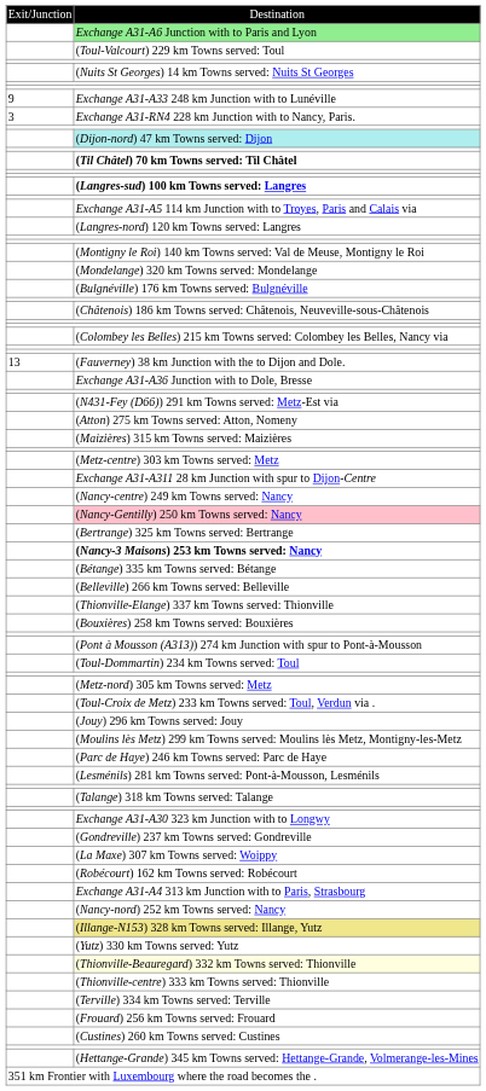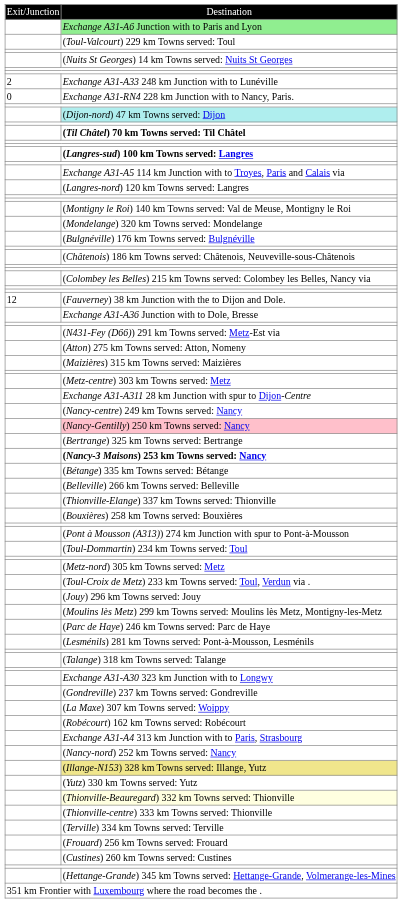 <table border=1 cellpadding=2 style="margin-left:1em; margin-bottom: 1em; color: black; border-collapse: collapse; font-size: 95%;">
 <tr align="center" bgcolor="000000" style="color: white">
 <td>Exit/Junction</td>
 <td>Destination</td>
 </tr>
 <tr>
 <td></td>
 <td style="background: lightgreen;"><em>Exchange A31-A6</em> Junction with <em></em> to Paris and Lyon</td>
 </tr>
 <tr>
 <td></td>
 <td>(<em>Toul-Valcourt</em>) 229 km Towns served: Toul</td>
 </tr>
 <tr>
 <td colspan="2"></td>
 </tr>
 <tr>
 <td></td>
 <td>(<em>Nuits St Georges</em>) 14 km Towns served: <a href='#'>Nuits St Georges</a></td>
 </tr>
 <tr>
 <td colspan="2"></td>
 </tr>
 <tr>
 <td colspan="2"></td>
 </tr>
 <tr>
-<td> 9</td>
+<td> 2</td>
 <td><em>Exchange A31-A33</em> 248 km Junction with <strong><em></em></strong> to Lunéville</td>
 </tr>
 <tr>
-<td> 3</td>
+<td> 0</td>
 <td><em>Exchange A31-RN4</em> 228 km Junction with <strong><em></em></strong> to Nancy, Paris.</td>
 </tr>
 <tr>
 <td colspan="2"></td>
 </tr>
 <tr>
 <td></td>
 <td style="background: paleturquoise;">(<em>Dijon-nord</em>) 47 km Towns served: <a href='#'>Dijon</a></td>
 </tr>
 <tr>
 <td colspan="2"></td>
 </tr>
 <tr>
 <td></td>
 <td><strong>(<em>Til Châtel</em>) 70 km Towns served: Til Châtel</strong></td>
 </tr>
 <tr>
 <td colspan="2"></td>
 </tr>
 <tr>
 <td colspan="2"></td>
 </tr>
 <tr>
 <td></td>
 <td><strong>(<em>Langres-sud</em>) 100 km Towns served: <a href='#'>Langres</a></strong></td>
 </tr>
 <tr>
 <td colspan="2"></td>
 </tr>
 <tr>
 <td></td>
 <td><em>Exchange A31-A5</em> 114 km Junction with <strong><em></em></strong> to <a href='#'>Troyes</a>, <a href='#'>Paris</a> and <a href='#'>Calais</a> via <strong><em></em></strong></td>
 </tr>
 <tr>
 <td></td>
 <td>(<em>Langres-nord</em>) 120 km Towns served: Langres</td>
 </tr>
 <tr>
 <td colspan="2"></td>
 </tr>
 <tr>
 <td colspan="2"></td>
 </tr>
 <tr>
 <td></td>
 <td>(<em>Montigny le Roi</em>) 140 km Towns served: Val de Meuse, Montigny le Roi</td>
 </tr>
 <tr>
 <td></td>
 <td>(<em>Mondelange</em>) 320 km Towns served: Mondelange</td>
 </tr>
 <tr>
 <td></td>
 <td>(<em>Bulgnéville</em>) 176 km Towns served: <a href='#'>Bulgnéville</a></td>
 </tr>
 <tr>
 <td colspan="2"></td>
 </tr>
 <tr>
 <td></td>
 <td>(<em>Châtenois</em>) 186 km Towns served: Châtenois, Neuveville-sous-Châtenois</td>
 </tr>
 <tr>
 <td colspan="2"></td>
 </tr>
 <tr>
 <td colspan="2"></td>
 </tr>
 <tr>
 <td></td>
 <td>(<em>Colombey les Belles</em>) 215 km Towns served: Colombey les Belles, Nancy via <strong><em></em></strong></td>
 </tr>
 <tr>
 <td colspan="2"></td>
 </tr>
 <tr>
 <td colspan="2"></td>
 </tr>
 <tr>
-<td> 13</td>
+<td> 12</td>
 <td>(<em>Fauverney</em>) 38 km Junction with the <strong><em></em></strong> to Dijon and Dole.</td>
 </tr>
 <tr>
 <td></td>
 <td><em>Exchange A31-A36</em> Junction with <em></em> to Dole, Bresse</td>
 </tr>
 <tr>
 <td colspan="2"></td>
 </tr>
 <tr>
 <td></td>
 <td>(<em>N431-Fey (D66)</em>) 291 km Towns served: <a href='#'>Metz</a>-Est via <strong><em></em></strong></td>
 </tr>
 <tr>
 <td></td>
 <td>(<em>Atton</em>) 275 km Towns served: Atton, Nomeny</td>
 </tr>
 <tr>
 <td></td>
 <td>(<em>Maizières</em>) 315 km Towns served: Maizières</td>
 </tr>
 <tr>
 <td colspan="2"></td>
 </tr>
 <tr>
 <td></td>
 <td>(<em>Metz-centre</em>) 303 km Towns served: <a href='#'>Metz</a></td>
 </tr>
 <tr>
 <td></td>
 <td><em>Exchange A31-A311</em> 28 km Junction with <strong><em></em></strong> spur to <a href='#'>Dijon</a>-<em>Centre</em></td>
 </tr>
 <tr>
 <td></td>
 <td>(<em>Nancy-centre</em>) 249 km Towns served: <a href='#'>Nancy</a></td>
 </tr>
 <tr>
 <td></td>
 <td style="background: pink;">(<em>Nancy-Gentilly</em>) 250 km Towns served: <a href='#'>Nancy</a></td>
 </tr>
 <tr>
 <td></td>
 <td>(<em>Bertrange</em>) 325 km Towns served: Bertrange</td>
 </tr>
 <tr>
 <td></td>
 <td><strong>(<em>Nancy-3 Maisons</em>) 253 km Towns served: <a href='#'>Nancy</a></strong></td>
 </tr>
 <tr>
 <td></td>
 <td>(<em>Bétange</em>) 335 km Towns served: Bétange</td>
 </tr>
 <tr>
 <td></td>
 <td>(<em>Belleville</em>) 266 km Towns served: Belleville</td>
 </tr>
 <tr>
 <td></td>
 <td>(<em>Thionville-Elange</em>) 337 km Towns served: Thionville</td>
 </tr>
 <tr>
 <td></td>
 <td>(<em>Bouxières</em>) 258 km Towns served: Bouxières</td>
 </tr>
 <tr>
 <td colspan="2"></td>
 </tr>
 <tr>
 <td></td>
 <td>(<em>Pont à Mousson (A313)</em>) 274 km Junction with <strong><em></em></strong> spur to Pont-à-Mousson</td>
 </tr>
 <tr>
 <td></td>
 <td>(<em>Toul-Dommartin</em>) 234 km Towns served: <a href='#'>Toul</a></td>
 </tr>
 <tr>
 <td colspan="2"></td>
 </tr>
 <tr>
 <td></td>
 <td>(<em>Metz-nord</em>) 305 km Towns served: <a href='#'>Metz</a></td>
 </tr>
 <tr>
 <td></td>
 <td>(<em>Toul-Croix de Metz</em>) 233 km Towns served: <a href='#'>Toul</a>, <a href='#'>Verdun</a> via <strong><em></em></strong>.</td>
 </tr>
 <tr>
 <td></td>
 <td>(<em>Jouy</em>) 296 km Towns served: Jouy</td>
 </tr>
 <tr>
 <td></td>
 <td>(<em>Moulins lès Metz</em>) 299 km Towns served: Moulins lès Metz, Montigny-les-Metz</td>
 </tr>
 <tr>
 <td></td>
 <td>(<em>Parc de Haye</em>) 246 km Towns served: Parc de Haye</td>
 </tr>
 <tr>
 <td></td>
 <td>(<em>Lesménils</em>) 281 km Towns served: Pont-à-Mousson, Lesménils</td>
 </tr>
 <tr>
 <td colspan="2"></td>
 </tr>
 <tr>
 <td></td>
 <td>(<em>Talange</em>) 318 km Towns served: Talange</td>
 </tr>
 <tr>
 <td colspan="2"></td>
 </tr>
 <tr>
 <td></td>
 <td><em>Exchange A31-A30</em> 323 km Junction with <strong><em></em></strong> to <a href='#'>Longwy</a></td>
 </tr>
 <tr>
 <td></td>
 <td>(<em>Gondreville</em>) 237 km Towns served:  Gondreville</td>
 </tr>
 <tr>
 <td></td>
 <td>(<em>La Maxe</em>) 307 km Towns served: <a href='#'>Woippy</a></td>
 </tr>
 <tr>
 <td></td>
 <td>(<em>Robécourt</em>) 162 km Towns served: Robécourt</td>
 </tr>
 <tr>
 <td></td>
 <td><em>Exchange A31-A4</em> 313 km Junction with <strong><em></em></strong> to <a href='#'>Paris</a>, <a href='#'>Strasbourg</a></td>
 </tr>
 <tr>
 <td></td>
 <td>(<em>Nancy-nord</em>) 252 km Towns served: <a href='#'>Nancy</a></td>
 </tr>
 <tr>
 <td></td>
 <td style="background: khaki;">(<em>Illange-N153</em>) 328 km Towns served: Illange, Yutz</td>
 </tr>
 <tr>
 <td></td>
 <td>(<em>Yutz</em>) 330 km Towns served: Yutz</td>
 </tr>
 <tr>
 <td></td>
 <td style="background: lightyellow;">(<em>Thionville-Beauregard</em>) 332 km Towns served: Thionville</td>
 </tr>
 <tr>
 <td></td>
 <td>(<em>Thionville-centre</em>) 333 km Towns served: Thionville</td>
 </tr>
 <tr>
 <td></td>
 <td>(<em>Terville</em>) 334 km Towns served: Terville</td>
 </tr>
 <tr>
 <td></td>
 <td>(<em>Frouard</em>) 256 km Towns served: Frouard</td>
 </tr>
 <tr>
 <td></td>
 <td>(<em>Custines</em>) 260 km Towns served: Custines</td>
 </tr>
 <tr>
 <td colspan="2"></td>
 </tr>
 <tr>
 <td></td>
 <td>(<em>Hettange-Grande</em>) 345 km Towns served: <a href='#'>Hettange-Grande</a>, <a href='#'>Volmerange-les-Mines</a></td>
 </tr>
 <tr>
 <td colspan="2">351 km Frontier with  <a href='#'>Luxembourg</a> where the road becomes the <strong><em></em></strong>.</td>
 </tr>
 </table>
